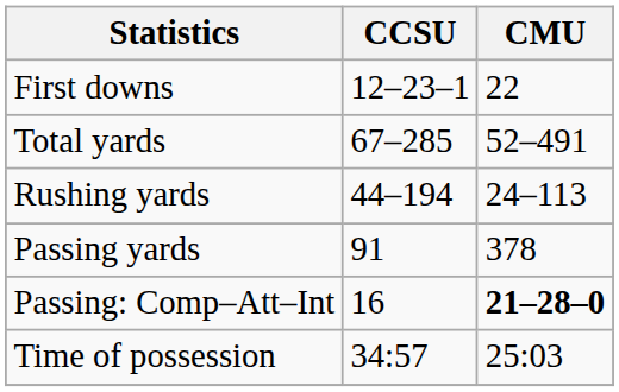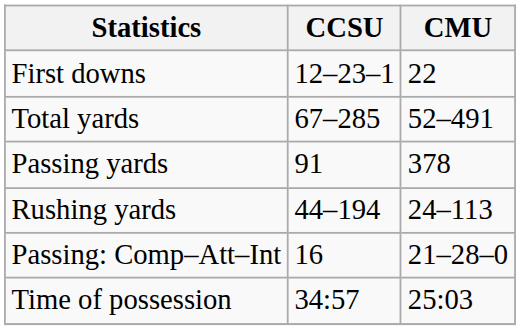 <table class="wikitable" style="float: left;">
 <tr>
 <th>Statistics</th>
 <th>CCSU</th>
 <th>CMU</th>
 </tr>
 <tr>
 <td>First downs</td>
 <td>12–23–1</td>
 <td>22</td>
 </tr>
 <tr>
 <td>Total yards</td>
 <td>67–285</td>
 <td>52–491</td>
 </tr>
 <tr>
+<td>Passing yards</td>
+<td>91</td>
+<td>378</td>
+</tr>
+<tr>
 <td>Rushing yards</td>
 <td>44–194</td>
 <td>24–113</td>
 </tr>
 <tr>
-<td>Passing yards</td>
-<td>91</td>
-<td>378</td>
-</tr>
-<tr>
 <td>Passing: Comp–Att–Int</td>
 <td>16</td>
-<td><strong>21–28–0</strong></td>
+<td>21–28–0</td>
 </tr>
 <tr>
 <td>Time of possession</td>
 <td>34:57</td>
 <td>25:03</td>
 </tr>
 <tr>
 </tr>
 </table>
